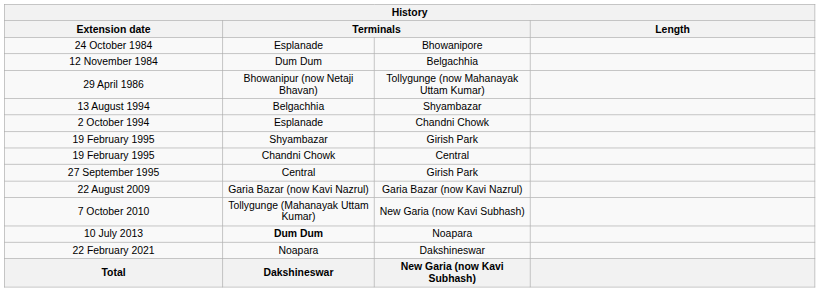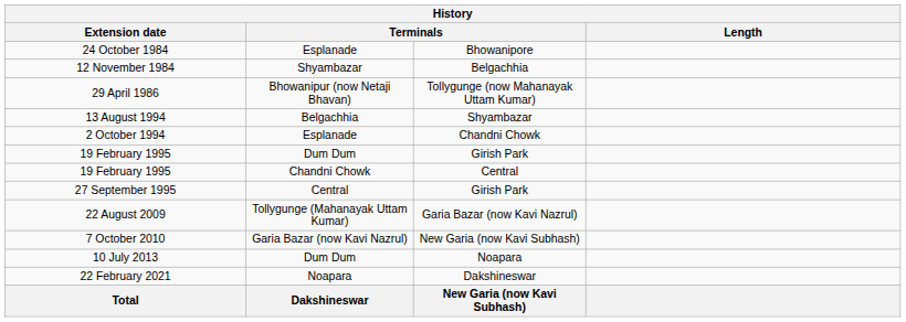 <table class="wikitable" style="text-align: center;">
 <tr>
 <th colspan="4" style="background:#"><span><strong>History</strong></span></th>
 </tr>
 <tr>
 <th width="5%">Extension date</th>
 <th width="5%" colspan="2">Terminals</th>
 <th width="7%">Length</th>
 </tr>
 <tr>
 <td>24 October 1984</td>
 <td>Esplanade</td>
 <td>Bhowanipore</td>
 <td></td>
 </tr>
 <tr>
 <td>12 November 1984</td>
-<td>Dum Dum</td>
+<td>Shyambazar</td>
 <td>Belgachhia</td>
 <td></td>
 </tr>
 <tr>
 <td>29 April 1986</td>
 <td>Bhowanipur (now Netaji Bhavan)</td>
 <td>Tollygunge (now Mahanayak Uttam Kumar)</td>
 <td></td>
 </tr>
 <tr>
 <td>13 August 1994</td>
 <td>Belgachhia</td>
 <td>Shyambazar</td>
 <td></td>
 </tr>
 <tr>
 <td>2 October 1994</td>
 <td>Esplanade</td>
 <td>Chandni Chowk</td>
 <td></td>
 </tr>
 <tr>
 <td>19 February 1995</td>
-<td>Shyambazar</td>
+<td>Dum Dum</td>
 <td>Girish Park</td>
 <td></td>
 </tr>
 <tr>
 <td>19 February 1995</td>
 <td>Chandni Chowk</td>
 <td>Central</td>
 <td></td>
 </tr>
 <tr>
 <td>27 September 1995</td>
 <td>Central</td>
 <td>Girish Park</td>
 <td></td>
 </tr>
 <tr>
 <td>22 August 2009</td>
-<td>Garia Bazar (now Kavi Nazrul)</td>
+<td>Tollygunge (Mahanayak Uttam Kumar)</td>
 <td>Garia Bazar (now Kavi Nazrul)</td>
 <td></td>
 </tr>
 <tr>
 <td>7 October 2010</td>
-<td>Tollygunge (Mahanayak Uttam Kumar)</td>
+<td>Garia Bazar (now Kavi Nazrul)</td>
 <td>New Garia (now Kavi Subhash)</td>
 <td></td>
 </tr>
 <tr>
 <td>10 July 2013</td>
-<td><strong>Dum Dum</strong></td>
+<td>Dum Dum</td>
 <td>Noapara</td>
 <td></td>
 </tr>
 <tr>
 <td>22 February 2021</td>
 <td>Noapara</td>
 <td>Dakshineswar</td>
 <td></td>
 </tr>
 <tr>
 <th>Total</th>
 <th>Dakshineswar</th>
 <th>New Garia (now Kavi Subhash)</th>
 <th></th>
 </tr>
 </table>
